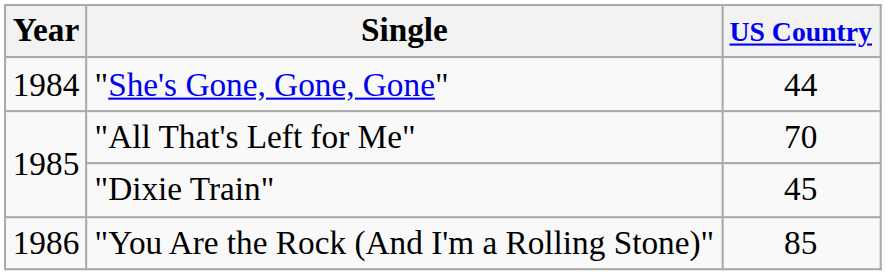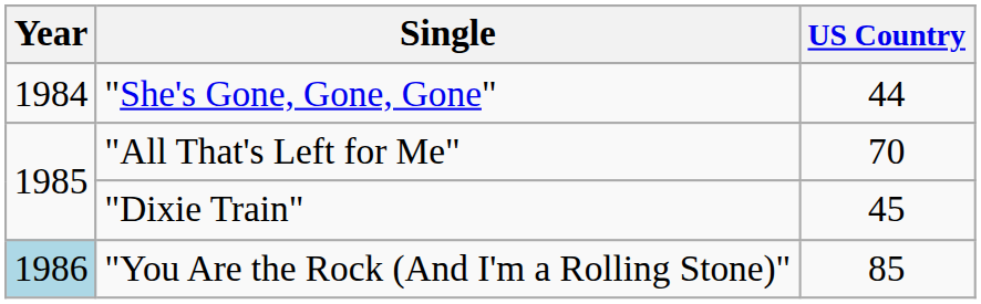 <table class="wikitable">
 <tr>
 <th>Year</th>
 <th>Single</th>
 <th><small><a href='#'>US Country</a></small></th>
 </tr>
 <tr>
 <td>1984</td>
 <td>"<a href='#'>She's Gone, Gone, Gone</a>"</td>
 <td align="center">44</td>
 </tr>
 <tr>
 <td rowspan=2>1985</td>
 <td>"All That's Left for Me"</td>
 <td align="center">70</td>
 </tr>
 <tr>
 <td>"Dixie Train"</td>
 <td align="center">45</td>
 </tr>
 <tr>
-<td>1986</td>
+<td style="background: lightblue;">1986</td>
 <td>"You Are the Rock (And I'm a Rolling Stone)"</td>
 <td align="center">85</td>
 </tr>
 </table>
